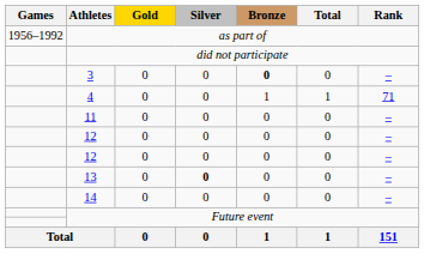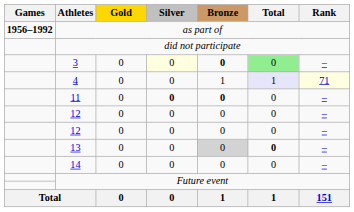 <table class="wikitable" style="text-align:center; font-size:90%;">
 <tr>
 <th>Games</th>
 <th>Athletes</th>
 <td style="background:gold; width:4.5em; font-weight:bold;">Gold</td>
 <td style="background:silver; width:4.5em; font-weight:bold;">Silver</td>
 <td style="background:#cc9966; width:4.5em; font-weight:bold;">Bronze</td>
 <th style="width:4.5em; font-weight:bold;">Total</th>
 <th style="width:4.5em; font-weight:bold;">Rank</th>
 </tr>
 <tr>
-<td align=left>1956–1992</td>
+<td align=left><strong>1956–1992</strong></td>
 <td colspan=6><em>as part of </em></td>
 </tr>
 <tr>
 <td align=left></td>
 <td colspan=6><em>did not participate</em></td>
 </tr>
 <tr>
 <td align=left></td>
 <td><a href='#'>3</a></td>
 <td>0</td>
-<td>0</td>
+<td style="background: lightyellow;">0</td>
 <td><strong>0</strong></td>
-<td>0</td>
+<td style="background: lightgreen;">0</td>
 <td><a href='#'>–</a></td>
 </tr>
 <tr>
 <td align=left></td>
 <td><a href='#'>4</a></td>
 <td>0</td>
 <td>0</td>
 <td>1</td>
-<td>1</td>
-<td><a href='#'>71</a></td>
+<td style="background: lavender;">1</td>
+<td style="background: lightyellow;"><a href='#'>71</a></td>
 </tr>
 <tr>
 <td align=left></td>
 <td><a href='#'>11</a></td>
 <td>0</td>
-<td>0</td>
-<td>0</td>
+<td><strong>0</strong></td>
+<td><strong>0</strong></td>
 <td>0</td>
 <td><a href='#'>–</a></td>
 </tr>
 <tr>
 <td align=left></td>
 <td><a href='#'>12</a></td>
 <td>0</td>
 <td>0</td>
 <td>0</td>
 <td>0</td>
 <td><a href='#'>–</a></td>
 </tr>
 <tr>
 <td align=left></td>
 <td><a href='#'>12</a></td>
 <td>0</td>
 <td>0</td>
 <td>0</td>
 <td>0</td>
 <td><a href='#'>–</a></td>
 </tr>
 <tr>
 <td align=left></td>
 <td><a href='#'>13</a></td>
 <td>0</td>
+<td>0</td>
+<td style="background: lightgrey;">0</td>
 <td><strong>0</strong></td>
-<td>0</td>
-<td>0</td>
 <td><a href='#'>–</a></td>
 </tr>
 <tr>
 <td align=left></td>
 <td><a href='#'>14</a></td>
 <td>0</td>
 <td>0</td>
 <td>0</td>
 <td>0</td>
 <td><a href='#'>–</a></td>
 </tr>
 <tr>
 <td align=left></td>
 <td colspan=6; rowspan=2><em>Future event</em></td>
 </tr>
 <tr>
 <td align=left></td>
 </tr>
 <tr>
 <th colspan=2>Total</th>
 <th>0</th>
 <th>0</th>
 <th>1</th>
 <th>1</th>
 <th><a href='#'>151</a></th>
 </tr>
 </table>
